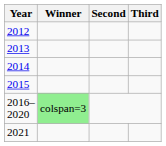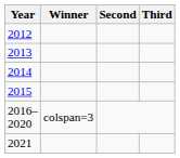 <table class="wikitable" style="font-size:100%">
 <tr>
 <th>Year</th>
 <th>Winner</th>
 <th>Second</th>
 <th>Third</th>
 </tr>
 <tr>
 <td><a href='#'>2012</a></td>
 <td></td>
 <td></td>
 <td></td>
 </tr>
 <tr>
 <td><a href='#'>2013</a></td>
 <td></td>
 <td></td>
 <td></td>
 </tr>
 <tr>
 <td><a href='#'>2014</a></td>
 <td></td>
 <td></td>
 <td></td>
 </tr>
 <tr>
 <td><a href='#'>2015</a></td>
 <td></td>
 <td></td>
 <td></td>
 </tr>
 <tr>
 <td>2016–<br>2020</td>
-<td style="background: lightgreen;">colspan=3 </td>
+<td>colspan=3 </td>
 </tr>
 <tr>
 <td>2021</td>
 <td></td>
 <td></td>
 <td></td>
 </tr>
 </table>
